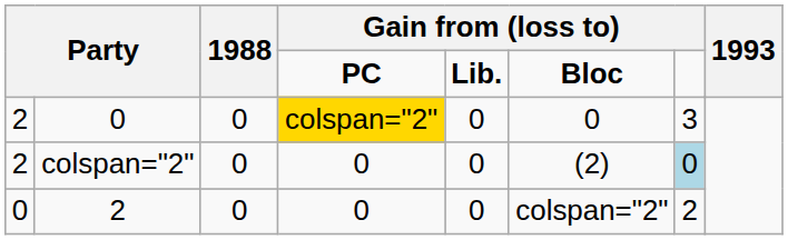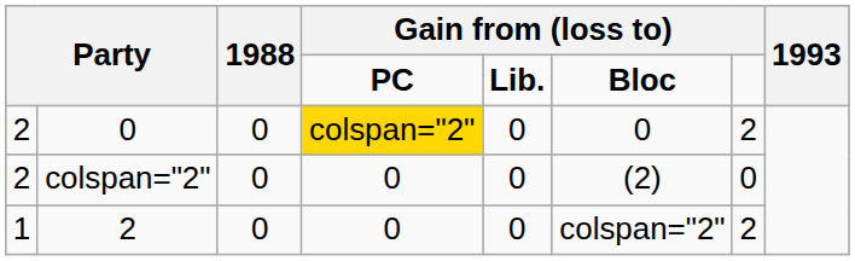 <table class="wikitable" style="text-align:center" align="center">
 <tr>
 <th rowspan="2" colspan="2">Party</th>
 <th rowspan="2">1988</th>
 <th colspan="6">Gain from (loss to)</th>
 <th rowspan="2">1993</th>
 </tr>
 <tr>
 <td><strong>PC</strong></td>
 <td><strong>Lib.</strong></td>
 <td><strong>Bloc</strong></td>
 </tr>
 <tr>
 <td>2</td>
 <td>0</td>
 <td>0</td>
 <td style="background: gold;">colspan="2" </td>
 <td>0</td>
 <td>0</td>
-<td>3</td>
+<td>2</td>
 </tr>
 <tr>
 <td>2</td>
 <td>colspan="2" </td>
 <td>0</td>
 <td>0</td>
 <td>0</td>
 <td>(2)</td>
-<td style="background: lightblue;">0</td>
+<td>0</td>
 </tr>
 <tr>
-<td>0</td>
+<td>1</td>
 <td>2</td>
 <td>0</td>
 <td>0</td>
 <td>0</td>
 <td>colspan="2" </td>
 <td>2</td>
 </tr>
 </table>
